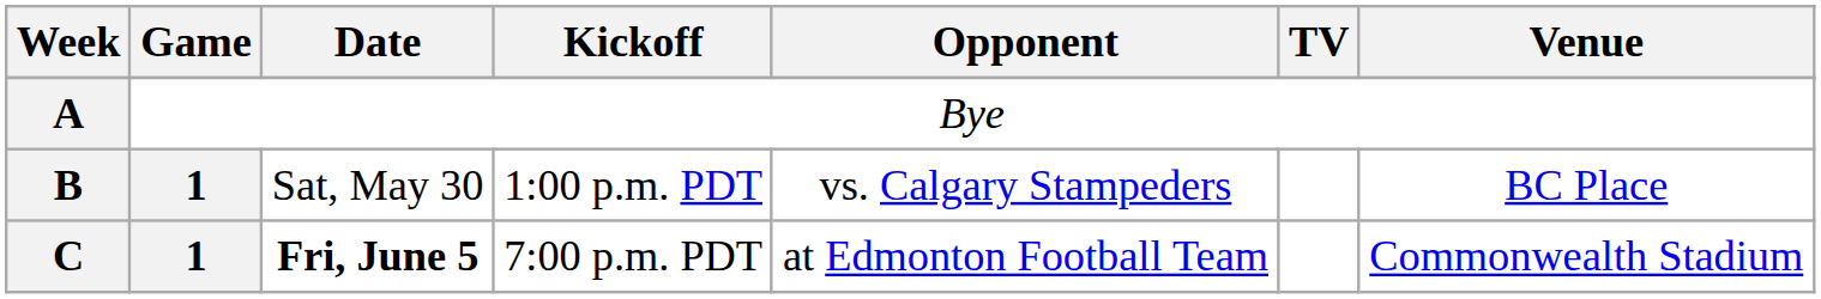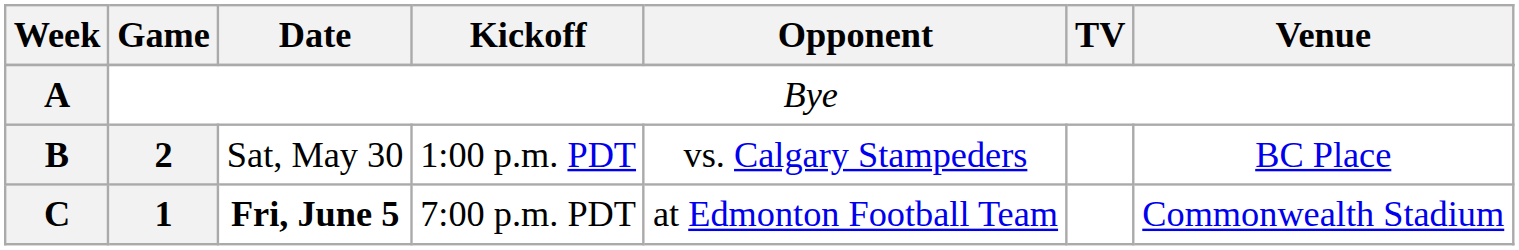 <table class="wikitable" style="font-size: 95%;">
 <tr>
 <th scope="col">Week</th>
 <th scope="col">Game</th>
 <th scope="col">Date</th>
 <th scope="col">Kickoff</th>
 <th scope="col">Opponent</th>
 <th scope="col">TV</th>
 <th scope="col">Venue</th>
 </tr>
 <tr>
 </tr>
 <tr align="center" bgcolor="ffffff">
 <th align="center">A</th>
 <td colspan=10 align="center" valign="middle"><em>Bye</em></td>
 </tr>
 <tr align="center" bgcolor="#ffffff">
 <th align="center">B</th>
-<th align="center">1</th>
+<th align="center">2</th>
 <td align="center">Sat, May 30</td>
 <td align="center">1:00 p.m. <a href='#'>PDT</a></td>
 <td align="center">vs. <a href='#'>Calgary Stampeders</a></td>
 <td align="center"></td>
 <td align="center"><a href='#'>BC Place</a></td>
 </tr>
 <tr align="center" bgcolor="ffffff">
 <th align="center">C</th>
 <th align="center">1</th>
 <td align="center"><strong>Fri, June 5</strong></td>
 <td align="center">7:00 p.m. PDT</td>
 <td align="center">at <a href='#'>Edmonton Football Team</a></td>
 <td align="center"></td>
 <td align="center"><a href='#'>Commonwealth Stadium</a></td>
 </tr>
 </table>
